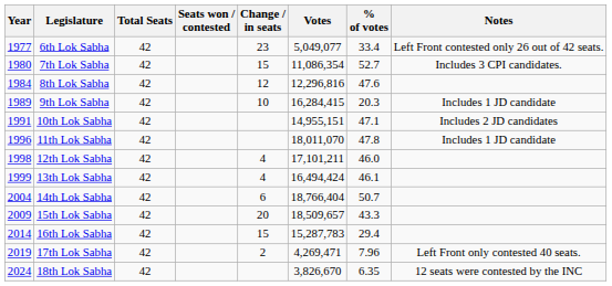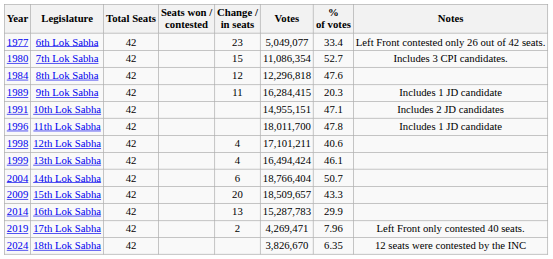 <table class="wikitable plainrowheaders sortable">
 <tr>
 <th Style="background-color:">Year</th>
 <th Style="background-color:">Legislature</th>
 <th Style="background-color:">Total Seats</th>
 <th Style="background-color:">Seats won /<br> contested</th>
 <th Style="background-color:">Change /<br>in seats</th>
 <th Style="background-color:">Votes</th>
 <th Style="background-color:">% <br> of votes</th>
 <th Style="background-color:">Notes</th>
 </tr>
 <tr style="text-align:center;">
 <td><a href='#'>1977</a></td>
 <td><a href='#'>6th Lok Sabha</a></td>
 <td>42</td>
 <td></td>
 <td> 23</td>
 <td>5,049,077</td>
 <td>33.4</td>
 <td>Left Front contested only 26 out of 42 seats.</td>
 </tr>
 <tr style="text-align:center;">
 <td><a href='#'>1980</a></td>
 <td><a href='#'>7th Lok Sabha</a></td>
 <td>42</td>
 <td></td>
 <td> 15</td>
 <td>11,086,354</td>
 <td>52.7</td>
 <td>Includes 3 CPI candidates.</td>
 </tr>
 <tr style="text-align:center;">
 <td><a href='#'>1984</a></td>
 <td><a href='#'>8th Lok Sabha</a></td>
 <td>42</td>
 <td></td>
 <td> 12</td>
-<td>12,296,816</td>
+<td>12,296,818</td>
 <td>47.6</td>
 <td></td>
 </tr>
 <tr style="text-align:center;">
 <td><a href='#'>1989</a></td>
 <td><a href='#'>9th Lok Sabha</a></td>
 <td>42</td>
 <td></td>
-<td> 10</td>
+<td> 11</td>
 <td>16,284,415</td>
 <td>20.3</td>
 <td>Includes 1 JD candidate</td>
 </tr>
 <tr style="text-align:center;">
 <td><a href='#'>1991</a></td>
 <td><a href='#'>10th Lok Sabha</a></td>
 <td>42</td>
 <td></td>
 <td></td>
 <td>14,955,151</td>
 <td>47.1</td>
 <td>Includes 2 JD candidates</td>
 </tr>
 <tr style="text-align:center;">
 <td><a href='#'>1996</a></td>
 <td><a href='#'>11th Lok Sabha</a></td>
 <td>42</td>
 <td></td>
 <td></td>
-<td>18,011,070</td>
+<td>18,011,700</td>
 <td>47.8</td>
 <td>Includes 1 JD candidate</td>
 </tr>
 <tr style="text-align:center;">
 <td><a href='#'>1998</a></td>
 <td><a href='#'>12th Lok Sabha</a></td>
 <td>42</td>
 <td></td>
 <td> 4</td>
 <td>17,101,211</td>
-<td>46.0</td>
+<td>40.6</td>
 <td></td>
 </tr>
 <tr style="text-align:center;">
 <td><a href='#'>1999</a></td>
 <td><a href='#'>13th Lok Sabha</a></td>
 <td>42</td>
 <td></td>
 <td> 4</td>
 <td>16,494,424</td>
 <td>46.1</td>
 <td></td>
 </tr>
 <tr style="text-align:center;">
 <td><a href='#'>2004</a></td>
 <td><a href='#'>14th Lok Sabha</a></td>
 <td>42</td>
 <td></td>
 <td> 6</td>
 <td>18,766,404</td>
 <td>50.7</td>
 <td></td>
 </tr>
 <tr style="text-align:center;">
 <td><a href='#'>2009</a></td>
 <td><a href='#'>15th Lok Sabha</a></td>
 <td>42</td>
 <td></td>
 <td> 20</td>
 <td>18,509,657</td>
 <td>43.3</td>
 <td></td>
 </tr>
 <tr style="text-align:center;">
 <td><a href='#'>2014</a></td>
 <td><a href='#'>16th Lok Sabha</a></td>
 <td>42</td>
 <td></td>
-<td> 15</td>
+<td> 13</td>
 <td>15,287,783</td>
-<td>29.4</td>
+<td>29.9</td>
 <td></td>
 </tr>
 <tr style="text-align:center;">
 <td><a href='#'>2019</a></td>
 <td><a href='#'>17th Lok Sabha</a></td>
 <td>42</td>
 <td></td>
 <td> 2</td>
 <td>4,269,471</td>
 <td>7.96</td>
 <td>Left Front only contested 40 seats.</td>
 </tr>
 <tr style="text-align:center;">
 <td><a href='#'>2024</a></td>
 <td><a href='#'>18th Lok Sabha</a></td>
 <td>42</td>
 <td></td>
 <td></td>
 <td>3,826,670</td>
 <td>6.35</td>
 <td>12 seats were contested by the INC</td>
 </tr>
 </table>
